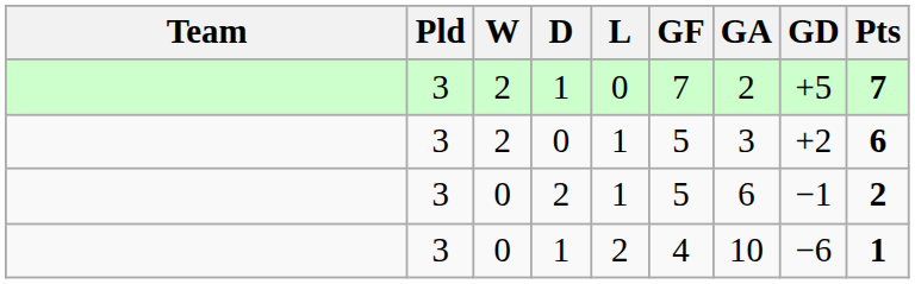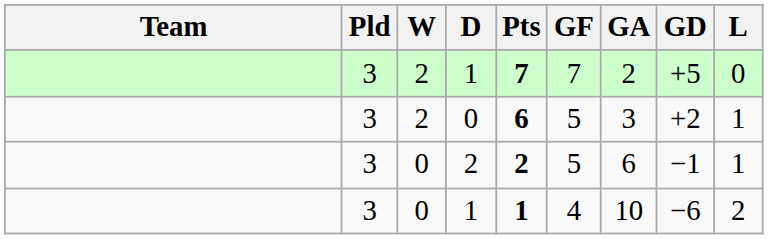 <table class="wikitable" style="text-align:center;">
 <tr>
 <th width=180>Team</th>
 <th width=20>Pld</th>
 <th width=20>W</th>
 <th width=20>D</th>
-<th width=20>L</th>
+<th width=20>Pts</th>
 <th width=20>GF</th>
 <th width=20>GA</th>
 <th width=20>GD</th>
-<th width=20>Pts</th>
+<th width=20>L</th>
 </tr>
 <tr bgcolor="ccffcc">
 <td align="left"></td>
 <td>3</td>
 <td>2</td>
 <td>1</td>
-<td>0</td>
+<td><strong>7</strong></td>
 <td>7</td>
 <td>2</td>
 <td>+5</td>
-<td><strong>7</strong></td>
+<td>0</td>
 </tr>
 <tr>
 <td align="left"></td>
 <td>3</td>
 <td>2</td>
 <td>0</td>
-<td>1</td>
+<td><strong>6</strong></td>
 <td>5</td>
 <td>3</td>
 <td>+2</td>
-<td><strong>6</strong></td>
+<td>1</td>
 </tr>
 <tr>
 <td align="left"><em></em></td>
 <td>3</td>
 <td>0</td>
 <td>2</td>
-<td>1</td>
+<td><strong>2</strong></td>
 <td>5</td>
 <td>6</td>
 <td>−1</td>
-<td><strong>2</strong></td>
+<td>1</td>
 </tr>
 <tr>
 <td align="left"></td>
 <td>3</td>
 <td>0</td>
 <td>1</td>
-<td>2</td>
+<td><strong>1</strong></td>
 <td>4</td>
 <td>10</td>
 <td>−6</td>
-<td><strong>1</strong></td>
+<td>2</td>
 </tr>
 </table>
